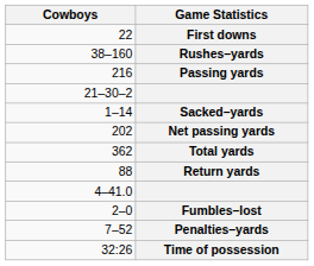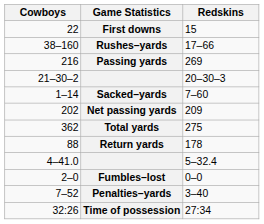 <table class="wikitable" style="margin: 1em auto 1em auto">
 <tr>
 <th style="width:30%;">Cowboys</th>
 <th style="width:40%;">Game Statistics</th>
+<th style="width:30%;">Redskins</th>
 </tr>
 <tr>
 <td style="text-align:right;">22</td>
 <th>First downs</th>
+<td>15</td>
 </tr>
 <tr>
 <td style="text-align:right;">38–160</td>
 <th>Rushes–yards</th>
+<td>17–66</td>
 </tr>
 <tr>
 <td style="text-align:right;">216</td>
 <th>Passing yards</th>
+<td>269</td>
 </tr>
 <tr>
 <td style="text-align:right;">21–30–2</td>
 <th></th>
+<td>20–30–3</td>
 </tr>
 <tr>
 <td style="text-align:right;">1–14</td>
 <th>Sacked–yards</th>
+<td>7–60</td>
 </tr>
 <tr>
 <td style="text-align:right;">202</td>
 <th>Net passing yards</th>
+<td>209</td>
 </tr>
 <tr>
 <td style="text-align:right;">362</td>
 <th>Total yards</th>
+<td>275</td>
 </tr>
 <tr>
 <td style="text-align:right;">88</td>
 <th>Return yards</th>
+<td>178</td>
 </tr>
 <tr>
 <td style="text-align:right;">4–41.0</td>
 <th></th>
+<td>5–32.4</td>
 </tr>
 <tr>
 <td style="text-align:right;">2–0</td>
 <th>Fumbles–lost</th>
+<td>0–0</td>
 </tr>
 <tr>
 <td style="text-align:right;">7–52</td>
 <th>Penalties–yards</th>
+<td>3–40</td>
 </tr>
 <tr>
 <td style="text-align:right;">32:26</td>
 <th>Time of possession</th>
+<td>27:34</td>
 </tr>
 </table>
